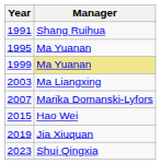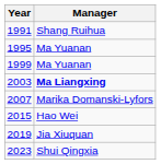 <table class="wikitable">
 <tr>
 <th>Year</th>
 <th>Manager</th>
 </tr>
 <tr>
 <td align=center><a href='#'>1991</a></td>
 <td> <a href='#'>Shang Ruihua</a></td>
 </tr>
 <tr>
 <td align=center><a href='#'>1995</a></td>
 <td> <a href='#'>Ma Yuanan</a></td>
 </tr>
 <tr>
 <td align=center><a href='#'>1999</a></td>
-<td style="background: khaki;"> <a href='#'>Ma Yuanan</a></td>
+<td> <a href='#'>Ma Yuanan</a></td>
 </tr>
 <tr>
 <td align=center><a href='#'>2003</a></td>
-<td> <a href='#'>Ma Liangxing</a></td>
+<td><strong> <a href='#'>Ma Liangxing</a></strong></td>
 </tr>
 <tr>
 <td align=center><a href='#'>2007</a></td>
 <td> <a href='#'>Marika Domanski-Lyfors</a></td>
 </tr>
 <tr>
 <td align=center><a href='#'>2015</a></td>
 <td> <a href='#'>Hao Wei</a></td>
 </tr>
 <tr>
 <td align=center><a href='#'>2019</a></td>
 <td> <a href='#'>Jia Xiuquan</a></td>
 </tr>
 <tr>
 <td align=center><a href='#'>2023</a></td>
 <td> <a href='#'>Shui Qingxia</a></td>
 </tr>
 </table>
